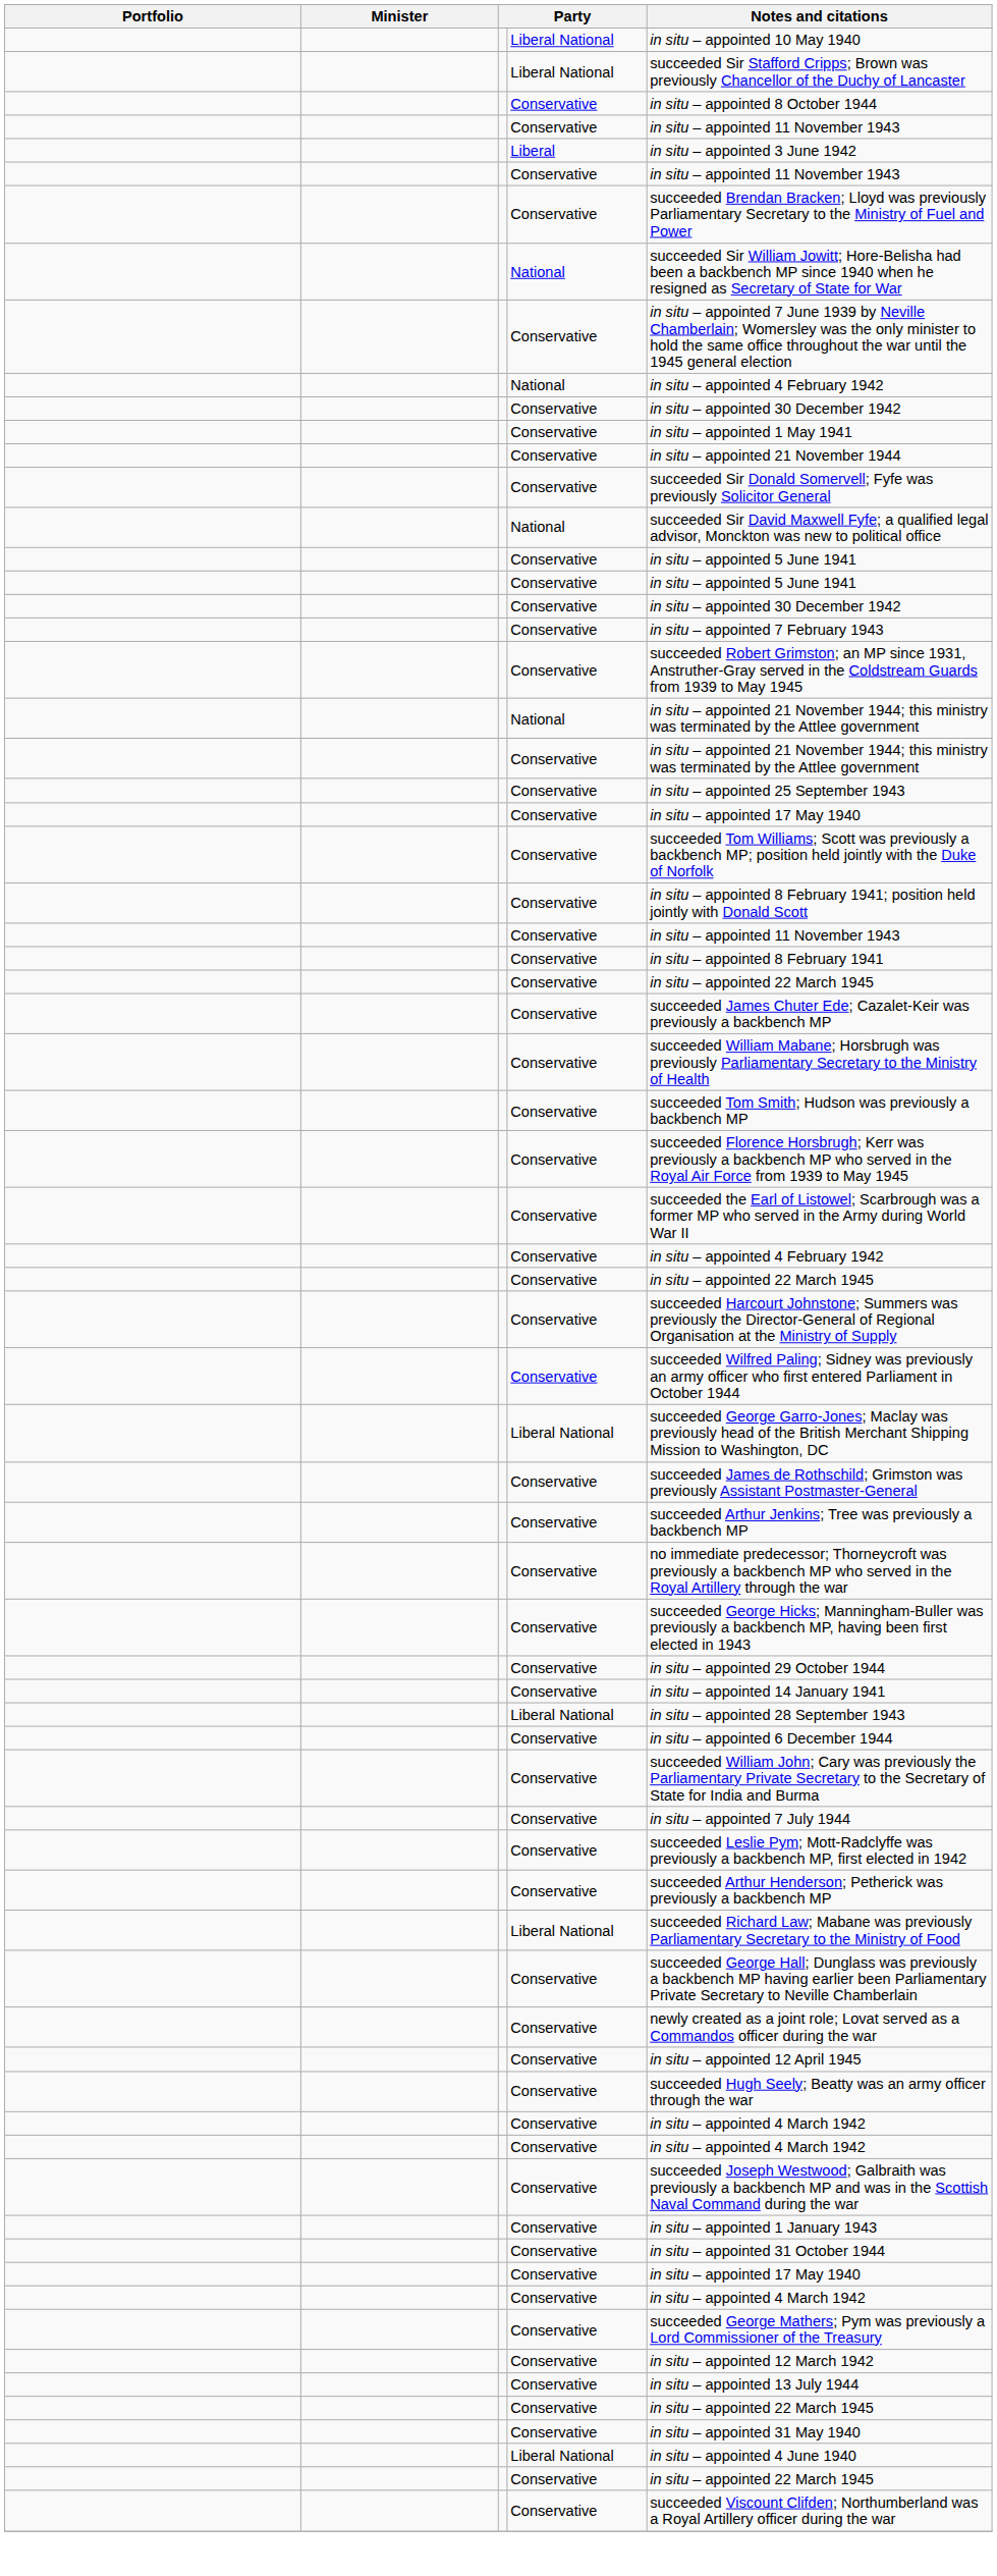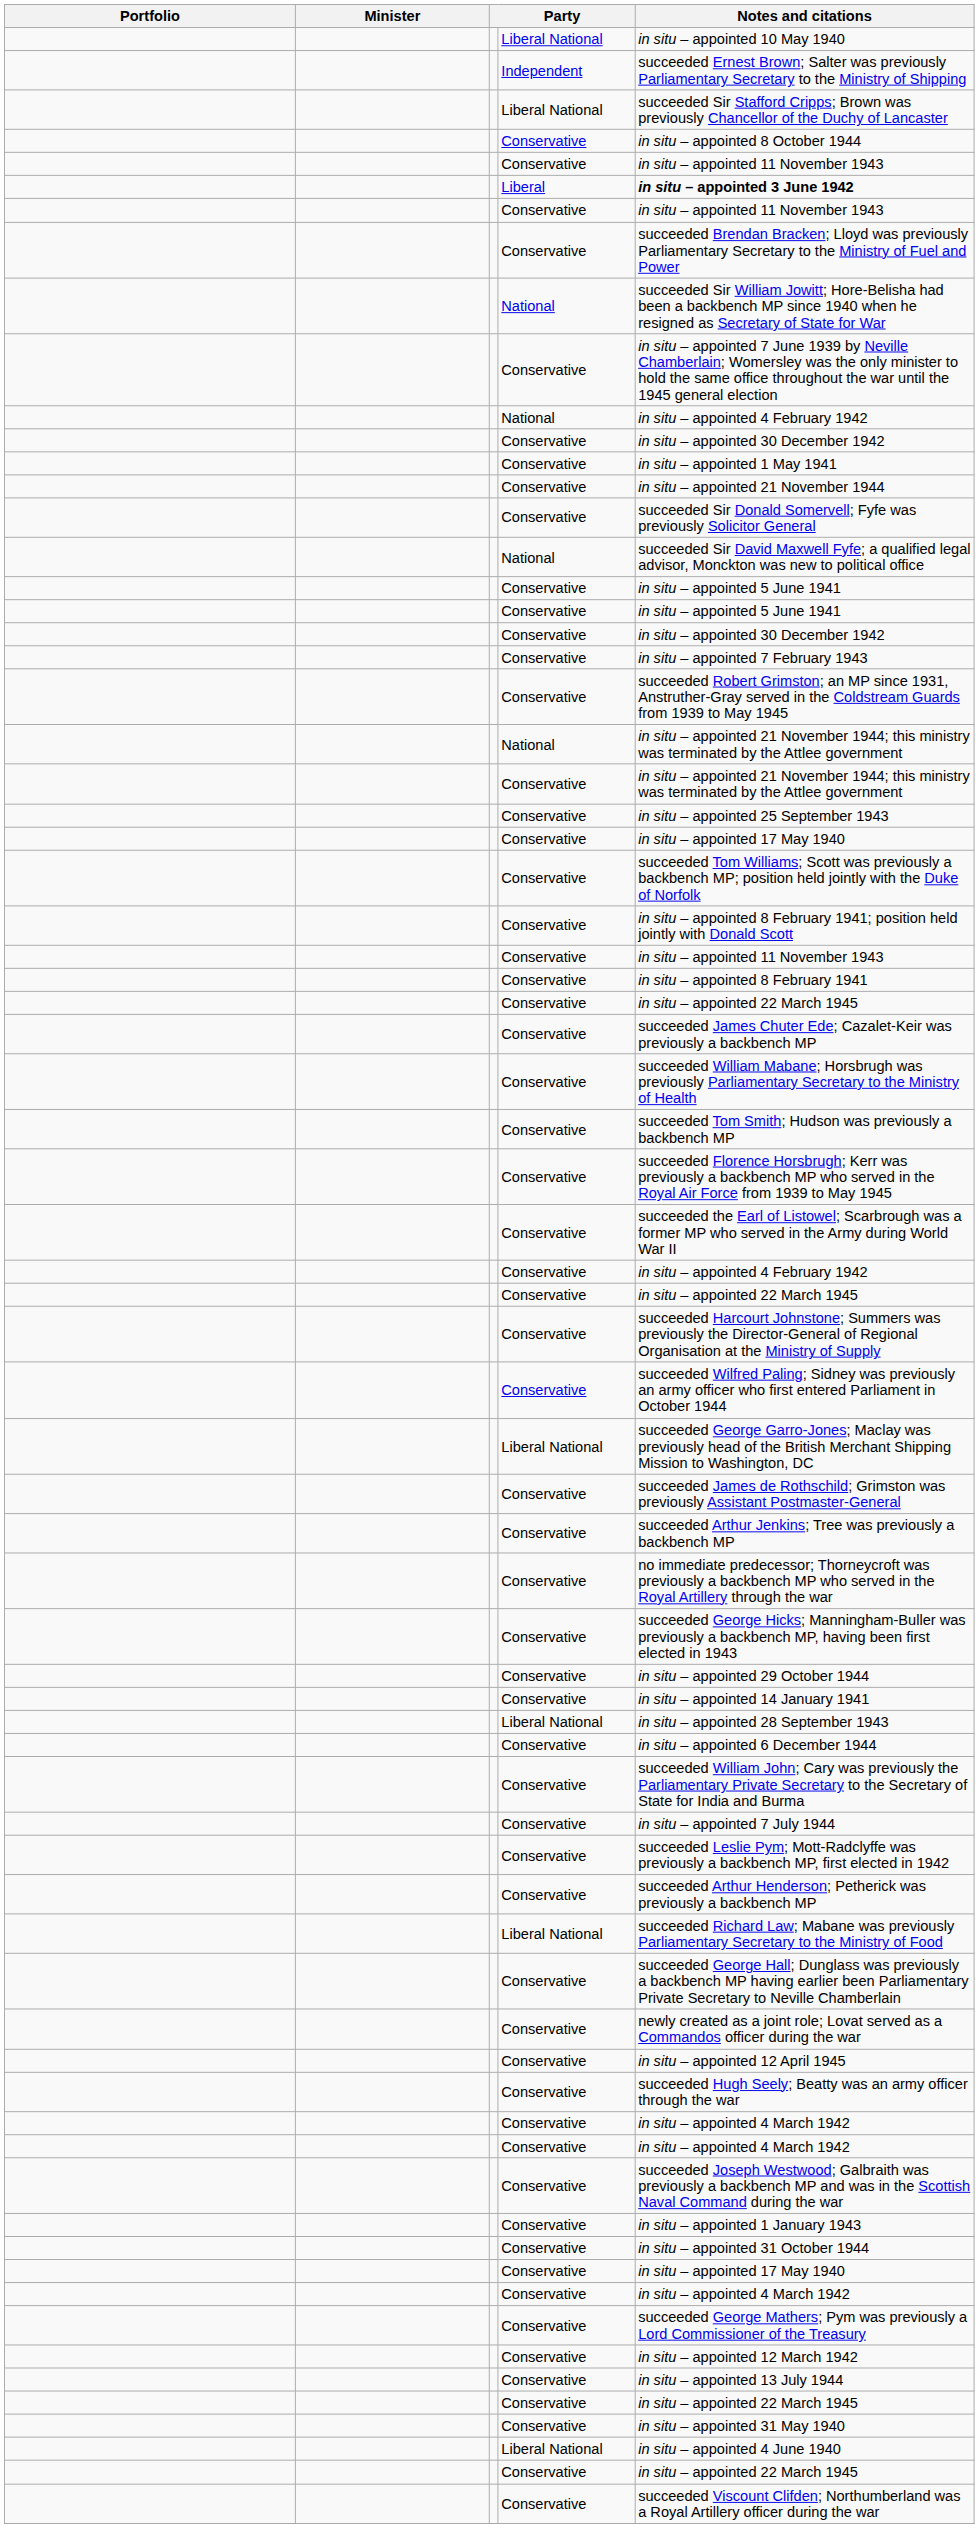 <table class="wikitable sortable" style="font-size:95%; width:80%;">
 <tr>
 <th scope="col" width="30%">Portfolio</th>
 <th scope="col" width="20%">Minister</th>
 <th scope="col" width="15%" colspan=2>Party</th>
 <th scope="col" width="35%">Notes and citations</th>
 </tr>
 <tr>
 <td></td>
 <td></td>
 <td style="background: "></td>
 <td><a href='#'>Liberal National</a></td>
 <td><em>in situ</em> – appointed 10 May 1940</td>
+</tr>
+<tr>
+<td></td>
+<td></td>
+<td style="background: "></td>
+<td><a href='#'>Independent</a></td>
+<td>succeeded <a href='#'>Ernest Brown</a>; Salter was previously <a href='#'>Parliamentary Secretary</a> to the <a href='#'>Ministry of Shipping</a></td>
 </tr>
 <tr>
 <td></td>
 <td></td>
 <td style="background: "></td>
 <td>Liberal National</td>
 <td>succeeded Sir <a href='#'>Stafford Cripps</a>; Brown was previously <a href='#'>Chancellor of the Duchy of Lancaster</a></td>
 </tr>
 <tr>
 <td></td>
 <td></td>
 <td style="background: "></td>
 <td><a href='#'>Conservative</a></td>
 <td><em>in situ</em> – appointed 8 October 1944</td>
 </tr>
 <tr>
 <td></td>
 <td></td>
 <td style="background: "></td>
 <td>Conservative</td>
 <td><em>in situ</em> – appointed 11 November 1943</td>
 </tr>
 <tr>
 <td></td>
 <td></td>
 <td style="background: "></td>
 <td><a href='#'>Liberal</a></td>
-<td><em>in situ</em> – appointed 3 June 1942</td>
+<td><strong><em>in situ</em> – appointed 3 June 1942</strong></td>
 </tr>
 <tr>
 <td></td>
 <td></td>
 <td style="background: "></td>
 <td>Conservative</td>
 <td><em>in situ</em> – appointed 11 November 1943</td>
 </tr>
 <tr>
 <td></td>
 <td></td>
 <td style="background: "></td>
 <td>Conservative</td>
 <td>succeeded <a href='#'>Brendan Bracken</a>; Lloyd was previously Parliamentary Secretary to the <a href='#'>Ministry of Fuel and Power</a></td>
 </tr>
 <tr>
 <td></td>
 <td></td>
 <td style="background: "></td>
 <td><a href='#'>National</a></td>
 <td>succeeded Sir <a href='#'>William Jowitt</a>; Hore-Belisha had been a backbench MP since 1940 when he resigned as <a href='#'>Secretary of State for War</a></td>
 </tr>
 <tr>
 <td></td>
 <td></td>
 <td style="background: "></td>
 <td>Conservative</td>
 <td><em>in situ</em> – appointed 7 June 1939 by <a href='#'>Neville Chamberlain</a>; Womersley was the only minister to hold the same office throughout the war until the 1945 general election</td>
 </tr>
 <tr>
 <td></td>
 <td></td>
 <td style="background: "></td>
 <td>National</td>
 <td><em>in situ</em> – appointed 4 February 1942</td>
 </tr>
 <tr>
 <td></td>
 <td></td>
 <td style="background: "></td>
 <td>Conservative</td>
 <td><em>in situ</em> – appointed 30 December 1942</td>
 </tr>
 <tr>
 <td></td>
 <td></td>
 <td style="background: "></td>
 <td>Conservative</td>
 <td><em>in situ</em> – appointed 1 May 1941</td>
 </tr>
 <tr>
 <td></td>
 <td></td>
 <td style="background: "></td>
 <td>Conservative</td>
 <td><em>in situ</em> – appointed 21 November 1944</td>
 </tr>
 <tr>
 <td></td>
 <td></td>
 <td style="background: "></td>
 <td>Conservative</td>
 <td>succeeded Sir <a href='#'>Donald Somervell</a>; Fyfe was previously <a href='#'>Solicitor General</a></td>
 </tr>
 <tr>
 <td></td>
 <td></td>
 <td style="background: "></td>
 <td>National</td>
 <td>succeeded Sir <a href='#'>David Maxwell Fyfe</a>; a qualified legal advisor, Monckton was new to political office</td>
 </tr>
 <tr>
 <td></td>
 <td></td>
 <td style="background: "></td>
 <td>Conservative</td>
 <td><em>in situ</em> – appointed 5 June 1941</td>
 </tr>
 <tr>
 <td></td>
 <td></td>
 <td style="background: "></td>
 <td>Conservative</td>
 <td><em>in situ</em> – appointed 5 June 1941</td>
 </tr>
 <tr>
 <td></td>
 <td></td>
 <td style="background: "></td>
 <td>Conservative</td>
 <td><em>in situ</em> – appointed 30 December 1942</td>
 </tr>
 <tr>
 <td></td>
 <td></td>
 <td style="background: "></td>
 <td>Conservative</td>
 <td><em>in situ</em> – appointed 7 February 1943</td>
 </tr>
 <tr>
 <td></td>
 <td></td>
 <td style="background: "></td>
 <td>Conservative</td>
 <td>succeeded <a href='#'>Robert Grimston</a>; an MP since 1931, Anstruther-Gray served in the <a href='#'>Coldstream Guards</a> from 1939 to May 1945</td>
 </tr>
 <tr>
 <td></td>
 <td></td>
 <td style="background: "></td>
 <td>National</td>
 <td><em>in situ</em> – appointed 21 November 1944; this ministry was terminated by the Attlee government</td>
 </tr>
 <tr>
 <td></td>
 <td></td>
 <td style="background: "></td>
 <td>Conservative</td>
 <td><em>in situ</em> – appointed 21 November 1944; this ministry was terminated by the Attlee government</td>
 </tr>
 <tr>
 <td></td>
 <td></td>
 <td style="background: "></td>
 <td>Conservative</td>
 <td><em>in situ</em> – appointed 25 September 1943</td>
 </tr>
 <tr>
 <td></td>
 <td></td>
 <td style="background: "></td>
 <td>Conservative</td>
 <td><em>in situ</em> – appointed 17 May 1940</td>
 </tr>
 <tr>
 <td></td>
 <td></td>
 <td style="background: "></td>
 <td>Conservative</td>
 <td>succeeded <a href='#'>Tom Williams</a>; Scott was previously a backbench MP; position held jointly with the <a href='#'>Duke of Norfolk</a></td>
 </tr>
 <tr>
 <td></td>
 <td></td>
 <td style="background: "></td>
 <td>Conservative</td>
 <td><em>in situ</em> – appointed 8 February 1941; position held jointly with <a href='#'>Donald Scott</a></td>
 </tr>
 <tr>
 <td></td>
 <td></td>
 <td style="background: "></td>
 <td>Conservative</td>
 <td><em>in situ</em> – appointed 11 November 1943</td>
 </tr>
 <tr>
 <td></td>
 <td></td>
 <td style="background: "></td>
 <td>Conservative</td>
 <td><em>in situ</em> – appointed 8 February 1941</td>
 </tr>
 <tr>
 <td></td>
 <td></td>
 <td style="background: "></td>
 <td>Conservative</td>
 <td><em>in situ</em> – appointed 22 March 1945</td>
 </tr>
 <tr>
 <td></td>
 <td></td>
 <td style="background: "></td>
 <td>Conservative</td>
 <td>succeeded <a href='#'>James Chuter Ede</a>; Cazalet-Keir was previously a backbench MP</td>
 </tr>
 <tr>
 <td></td>
 <td></td>
 <td style="background: "></td>
 <td>Conservative</td>
 <td>succeeded <a href='#'>William Mabane</a>; Horsbrugh was previously <a href='#'>Parliamentary Secretary to the Ministry of Health</a></td>
 </tr>
 <tr>
 <td></td>
 <td></td>
 <td style="background: "></td>
 <td>Conservative</td>
 <td>succeeded <a href='#'>Tom Smith</a>; Hudson was previously a backbench MP</td>
 </tr>
 <tr>
 <td></td>
 <td></td>
 <td style="background: "></td>
 <td>Conservative</td>
 <td>succeeded <a href='#'>Florence Horsbrugh</a>; Kerr was previously a backbench MP who served in the <a href='#'>Royal Air Force</a> from 1939 to May 1945</td>
 </tr>
 <tr>
 <td></td>
 <td></td>
 <td style="background: "></td>
 <td>Conservative</td>
 <td>succeeded the <a href='#'>Earl of Listowel</a>; Scarbrough was a former MP who served in the Army during World War II</td>
 </tr>
 <tr>
 <td></td>
 <td></td>
 <td style="background: "></td>
 <td>Conservative</td>
 <td><em>in situ</em> – appointed 4 February 1942</td>
 </tr>
 <tr>
 <td></td>
 <td></td>
 <td style="background: "></td>
 <td>Conservative</td>
 <td><em>in situ</em> – appointed 22 March 1945</td>
 </tr>
 <tr>
 <td></td>
 <td></td>
 <td style="background: "></td>
 <td>Conservative</td>
 <td>succeeded <a href='#'>Harcourt Johnstone</a>; Summers was previously the Director-General of Regional Organisation at the <a href='#'>Ministry of Supply</a></td>
 </tr>
 <tr>
 <td></td>
 <td></td>
 <td style="background: "></td>
 <td><a href='#'>Conservative</a></td>
 <td>succeeded <a href='#'>Wilfred Paling</a>; Sidney was previously an army officer who first entered Parliament in October 1944</td>
 </tr>
 <tr>
 <td></td>
 <td></td>
 <td style="background: "></td>
 <td>Liberal National</td>
 <td>succeeded <a href='#'>George Garro-Jones</a>; Maclay was previously head of the British Merchant Shipping Mission to Washington, DC</td>
 </tr>
 <tr>
 <td></td>
 <td></td>
 <td style="background: "></td>
 <td>Conservative</td>
 <td>succeeded <a href='#'>James de Rothschild</a>; Grimston was previously <a href='#'>Assistant Postmaster-General</a></td>
 </tr>
 <tr>
 <td></td>
 <td></td>
 <td style="background: "></td>
 <td>Conservative</td>
 <td>succeeded <a href='#'>Arthur Jenkins</a>; Tree was previously a backbench MP</td>
 </tr>
 <tr>
 <td></td>
 <td></td>
 <td style="background: "></td>
 <td>Conservative</td>
 <td>no immediate predecessor; Thorneycroft was previously a backbench MP who served in the <a href='#'>Royal Artillery</a> through the war</td>
 </tr>
 <tr>
 <td></td>
 <td></td>
 <td style="background: "></td>
 <td>Conservative</td>
 <td>succeeded <a href='#'>George Hicks</a>; Manningham-Buller was previously a backbench MP, having been first elected in 1943</td>
 </tr>
 <tr>
 <td></td>
 <td></td>
 <td style="background: "></td>
 <td>Conservative</td>
 <td><em>in situ</em> – appointed 29 October 1944</td>
 </tr>
 <tr>
 <td></td>
 <td></td>
 <td style="background: "></td>
 <td>Conservative</td>
 <td><em>in situ</em> – appointed 14 January 1941</td>
 </tr>
 <tr>
 <td></td>
 <td></td>
 <td style="background: "></td>
 <td>Liberal National</td>
 <td><em>in situ</em> – appointed 28 September 1943</td>
 </tr>
 <tr>
 <td></td>
 <td></td>
 <td style="background: "></td>
 <td>Conservative</td>
 <td><em>in situ</em> – appointed 6 December 1944</td>
 </tr>
 <tr>
 <td></td>
 <td></td>
 <td style="background: "></td>
 <td>Conservative</td>
 <td>succeeded <a href='#'>William John</a>; Cary was previously the <a href='#'>Parliamentary Private Secretary</a> to the Secretary of State for India and Burma</td>
 </tr>
 <tr>
 <td></td>
 <td></td>
 <td style="background: "></td>
 <td>Conservative</td>
 <td><em>in situ</em> – appointed 7 July 1944</td>
 </tr>
 <tr>
 <td></td>
 <td></td>
 <td style="background: "></td>
 <td>Conservative</td>
 <td>succeeded <a href='#'>Leslie Pym</a>; Mott-Radclyffe was previously a backbench MP, first elected in 1942</td>
 </tr>
 <tr>
 <td></td>
 <td></td>
 <td style="background: "></td>
 <td>Conservative</td>
 <td>succeeded <a href='#'>Arthur Henderson</a>; Petherick was previously a backbench MP</td>
 </tr>
 <tr>
 <td></td>
 <td></td>
 <td style="background: "></td>
 <td>Liberal National</td>
 <td>succeeded <a href='#'>Richard Law</a>; Mabane was previously <a href='#'>Parliamentary Secretary to the Ministry of Food</a></td>
 </tr>
 <tr>
 <td></td>
 <td></td>
 <td style="background: "></td>
 <td>Conservative</td>
 <td>succeeded <a href='#'>George Hall</a>; Dunglass was previously a backbench MP having earlier been Parliamentary Private Secretary to Neville Chamberlain</td>
 </tr>
 <tr>
 <td></td>
 <td></td>
 <td style="background: "></td>
 <td>Conservative</td>
 <td>newly created as a joint role; Lovat served as a <a href='#'>Commandos</a> officer during the war</td>
 </tr>
 <tr>
 <td></td>
 <td></td>
 <td style="background: "></td>
 <td>Conservative</td>
 <td><em>in situ</em> – appointed 12 April 1945</td>
 </tr>
 <tr>
 <td></td>
 <td></td>
 <td style="background: "></td>
 <td>Conservative</td>
 <td>succeeded <a href='#'>Hugh Seely</a>; Beatty was an army officer through the war</td>
 </tr>
 <tr>
 <td></td>
 <td></td>
 <td style="background: "></td>
 <td>Conservative</td>
 <td><em>in situ</em> – appointed 4 March 1942</td>
 </tr>
 <tr>
 <td></td>
 <td></td>
 <td style="background: "></td>
 <td>Conservative</td>
 <td><em>in situ</em> – appointed 4 March 1942</td>
 </tr>
 <tr>
 <td></td>
 <td></td>
 <td style="background: "></td>
 <td>Conservative</td>
 <td>succeeded <a href='#'>Joseph Westwood</a>; Galbraith was previously a backbench MP and was in the <a href='#'>Scottish Naval Command</a> during the war</td>
 </tr>
 <tr>
 <td></td>
 <td></td>
 <td style="background: "></td>
 <td>Conservative</td>
 <td><em>in situ</em> – appointed 1 January 1943</td>
 </tr>
 <tr>
 <td></td>
 <td></td>
 <td style="background: "></td>
 <td>Conservative</td>
 <td><em>in situ</em> – appointed 31 October 1944</td>
 </tr>
 <tr>
 <td></td>
 <td></td>
 <td style="background: "></td>
 <td>Conservative</td>
 <td><em>in situ</em> – appointed 17 May 1940</td>
 </tr>
 <tr>
 <td></td>
 <td></td>
 <td style="background: "></td>
 <td>Conservative</td>
 <td><em>in situ</em> – appointed 4 March 1942</td>
 </tr>
 <tr>
 <td></td>
 <td></td>
 <td style="background: "></td>
 <td>Conservative</td>
 <td>succeeded <a href='#'>George Mathers</a>; Pym was previously a <a href='#'>Lord Commissioner of the Treasury</a></td>
 </tr>
 <tr>
 <td></td>
 <td></td>
 <td style="background: "></td>
 <td>Conservative</td>
 <td><em>in situ</em> – appointed 12 March 1942</td>
 </tr>
 <tr>
 <td></td>
 <td></td>
 <td style="background: "></td>
 <td>Conservative</td>
 <td><em>in situ</em> – appointed 13 July 1944</td>
 </tr>
 <tr>
 <td></td>
 <td></td>
 <td style="background: "></td>
 <td>Conservative</td>
 <td><em>in situ</em> – appointed 22 March 1945</td>
 </tr>
 <tr>
 <td></td>
 <td></td>
 <td style="background: "></td>
 <td>Conservative</td>
 <td><em>in situ</em> – appointed 31 May 1940</td>
 </tr>
 <tr>
 <td></td>
 <td></td>
 <td style="background: "></td>
 <td>Liberal National</td>
 <td><em>in situ</em> – appointed 4 June 1940</td>
 </tr>
 <tr>
 <td></td>
 <td></td>
 <td style="background: "></td>
 <td>Conservative</td>
 <td><em>in situ</em> – appointed 22 March 1945</td>
 </tr>
 <tr>
 <td></td>
 <td></td>
 <td style="background: "></td>
 <td>Conservative</td>
 <td>succeeded <a href='#'>Viscount Clifden</a>; Northumberland was a Royal Artillery officer during the war</td>
 </tr>
 <tr>
 </tr>
 </table>
